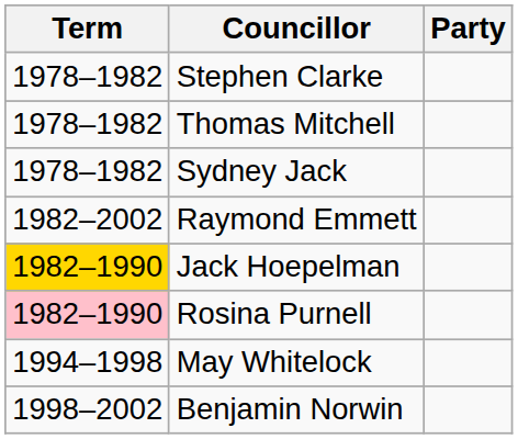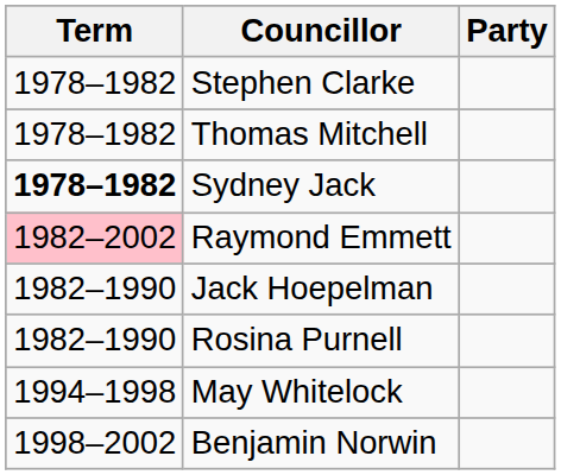 <table class="wikitable">
 <tr>
 <th>Term</th>
 <th>Councillor</th>
 <th colspan=2>Party</th>
 </tr>
 <tr>
 <td>1978–1982</td>
 <td>Stephen Clarke</td>
 <td></td>
 </tr>
 <tr>
 <td>1978–1982</td>
 <td>Thomas Mitchell</td>
 <td></td>
 </tr>
 <tr>
-<td>1978–1982</td>
+<td><strong>1978–1982</strong></td>
 <td>Sydney Jack</td>
 <td></td>
 </tr>
 <tr>
-<td>1982–2002</td>
+<td style="background: pink;">1982–2002</td>
 <td>Raymond Emmett</td>
 <td></td>
 </tr>
 <tr>
-<td style="background: gold;">1982–1990</td>
+<td>1982–1990</td>
 <td>Jack Hoepelman</td>
 <td></td>
 </tr>
 <tr>
-<td style="background: pink;">1982–1990</td>
+<td>1982–1990</td>
 <td>Rosina Purnell</td>
 <td></td>
 </tr>
 <tr>
 <td>1994–1998</td>
 <td>May Whitelock</td>
 <td></td>
 </tr>
 <tr>
 <td>1998–2002</td>
 <td>Benjamin Norwin</td>
 <td></td>
 </tr>
 </table>
